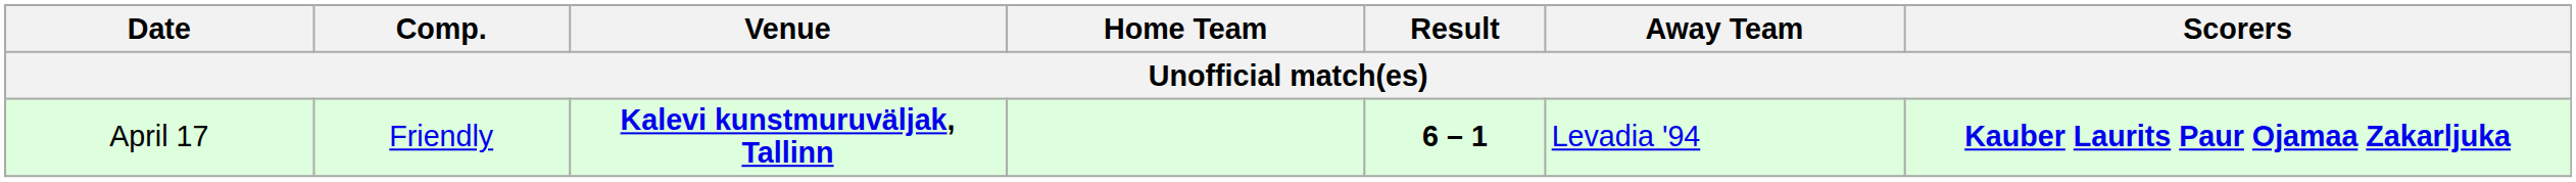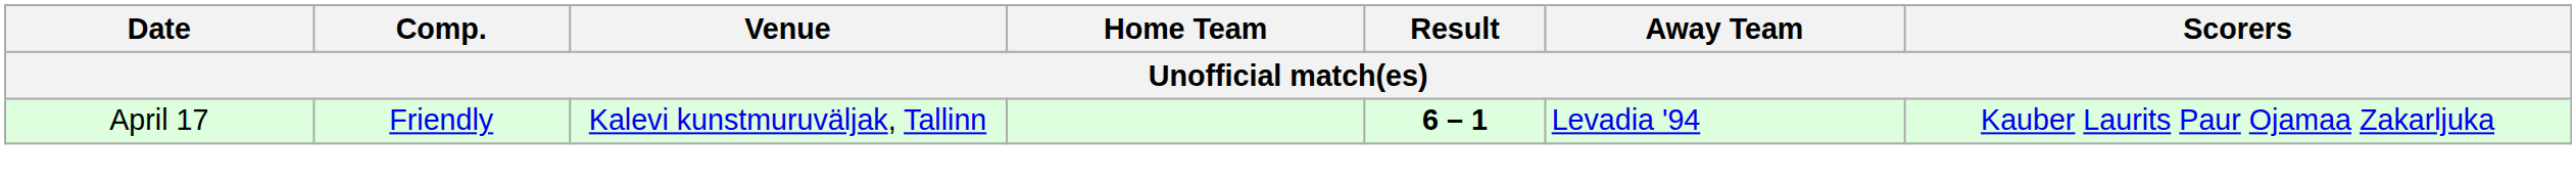 <table class="wikitable collapsible collapsed" width=100% style="font-size: 90%">
 <tr>
 <th width=12%>Date</th>
 <th width=10%>Comp.</th>
 <th width=17%>Venue</th>
 <th width=14%>Home Team</th>
 <th width=7%>Result</th>
 <th width=14%>Away Team</th>
 <th width=26%>Scorers</th>
 </tr>
 <tr>
 <th colspan="8">Unofficial match(es)</th>
 </tr>
 <tr bgcolor="#ddffdd" align="center">
 <td>April 17</td>
 <td><a href='#'>Friendly</a></td>
-<td><strong><a href='#'>Kalevi kunstmuruväljak</a>, <a href='#'>Tallinn</a></strong></td>
+<td><a href='#'>Kalevi kunstmuruväljak</a>, <a href='#'>Tallinn</a></td>
 <td align="left"></td>
 <td><strong>6 – 1</strong></td>
 <td align="left"> <a href='#'>Levadia '94</a></td>
-<td><strong><a href='#'>Kauber</a>  <a href='#'>Laurits</a>  <a href='#'>Paur</a>   <a href='#'>Ojamaa</a>  <a href='#'>Zakarljuka</a> </strong></td>
+<td><a href='#'>Kauber</a>  <a href='#'>Laurits</a>  <a href='#'>Paur</a>   <a href='#'>Ojamaa</a>  <a href='#'>Zakarljuka</a> </td>
 </tr>
 </table>
